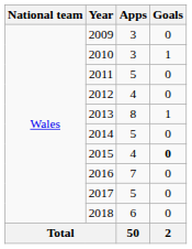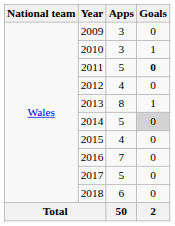 <table class=wikitable style="text-align: center">
 <tr>
 <th>National team</th>
 <th>Year</th>
 <th>Apps</th>
 <th>Goals</th>
 </tr>
 <tr>
 <td rowspan=10><a href='#'>Wales</a></td>
 <td>2009</td>
 <td>3</td>
 <td>0</td>
 </tr>
 <tr>
 <td>2010</td>
 <td>3</td>
 <td>1</td>
 </tr>
 <tr>
 <td>2011</td>
 <td>5</td>
-<td>0</td>
+<td><strong>0</strong></td>
 </tr>
 <tr>
 <td>2012</td>
 <td>4</td>
 <td>0</td>
 </tr>
 <tr>
 <td>2013</td>
 <td>8</td>
 <td>1</td>
 </tr>
 <tr>
 <td>2014</td>
 <td>5</td>
-<td>0</td>
+<td style="background: lightgrey;">0</td>
 </tr>
 <tr>
 <td>2015</td>
 <td>4</td>
-<td><strong>0</strong></td>
+<td>0</td>
 </tr>
 <tr>
 <td>2016</td>
 <td>7</td>
 <td>0</td>
 </tr>
 <tr>
 <td>2017</td>
 <td>5</td>
 <td>0</td>
 </tr>
 <tr>
 <td>2018</td>
 <td>6</td>
 <td>0</td>
 </tr>
 <tr>
 <th colspan=2>Total</th>
 <th>50</th>
 <th>2</th>
 </tr>
 </table>
